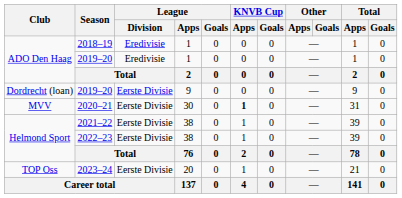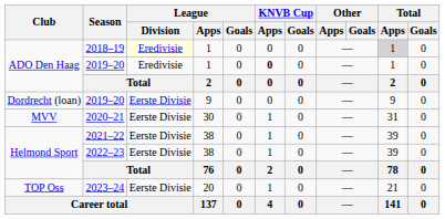 <table class="wikitable" style="text-align:center">
 <tr>
 <th rowspan="2">Club</th>
 <th rowspan="2">Season</th>
 <th colspan="3">League</th>
 <th colspan="2"><a href='#'>KNVB Cup</a></th>
 <th colspan="2">Other</th>
 <th colspan="2">Total</th>
 </tr>
 <tr>
 <th>Division</th>
 <th>Apps</th>
 <th>Goals</th>
 <th>Apps</th>
 <th>Goals</th>
 <th>Apps</th>
 <th>Goals</th>
 <th>Apps</th>
 <th>Goals</th>
 </tr>
 <tr>
 <td rowspan="3"><a href='#'>ADO Den Haag</a></td>
 <td><a href='#'>2018–19</a></td>
-<td><a href='#'>Eredivisie</a></td>
+<td style="background: lightyellow;"><a href='#'>Eredivisie</a></td>
 <td>1</td>
 <td>0</td>
 <td>0</td>
 <td>0</td>
 <td colspan="2">—</td>
-<td>1</td>
+<td style="background: lightgrey;">1</td>
 <td>0</td>
 </tr>
 <tr>
 <td><a href='#'>2019–20</a></td>
 <td>Eredivisie</td>
 <td>1</td>
 <td>0</td>
-<td>0</td>
+<td><strong>0</strong></td>
 <td>0</td>
 <td colspan="2">—</td>
 <td>1</td>
 <td>0</td>
 </tr>
 <tr>
 <th colspan="2">Total</th>
 <th>2</th>
 <th>0</th>
 <th>0</th>
 <th>0</th>
 <th colspan="2">—</th>
 <th>2</th>
 <th>0</th>
 </tr>
 <tr>
 <td><a href='#'>Dordrecht</a> (loan)</td>
 <td><a href='#'>2019–20</a></td>
 <td><a href='#'>Eerste Divisie</a></td>
 <td>9</td>
 <td>0</td>
 <td>0</td>
 <td>0</td>
 <td colspan="2">—</td>
 <td>9</td>
 <td>0</td>
 </tr>
 <tr>
 <td><a href='#'>MVV</a></td>
 <td><a href='#'>2020–21</a></td>
 <td>Eerste Divisie</td>
 <td>30</td>
 <td>0</td>
-<td><strong>1</strong></td>
+<td>1</td>
 <td>0</td>
 <td colspan="2">—</td>
 <td>31</td>
 <td>0</td>
 </tr>
 <tr>
 <td rowspan="3"><a href='#'>Helmond Sport</a></td>
 <td><a href='#'>2021–22</a></td>
 <td>Eerste Divisie</td>
 <td>38</td>
 <td>0</td>
 <td>1</td>
 <td>0</td>
 <td colspan="2">—</td>
 <td>39</td>
 <td>0</td>
 </tr>
 <tr>
 <td><a href='#'>2022–23</a></td>
 <td>Eerste Divisie</td>
 <td>38</td>
 <td>0</td>
 <td>1</td>
 <td>0</td>
 <td colspan="2">—</td>
 <td>39</td>
 <td>0</td>
 </tr>
 <tr>
 <th colspan="2">Total</th>
 <th>76</th>
 <th>0</th>
 <th>2</th>
 <th>0</th>
 <th colspan="2">—</th>
 <th>78</th>
 <th>0</th>
 </tr>
 <tr>
 <td rowspan="1"><a href='#'>TOP Oss</a></td>
 <td><a href='#'>2023–24</a></td>
 <td>Eerste Divisie</td>
 <td>20</td>
 <td>0</td>
 <td>1</td>
 <td>0</td>
 <td colspan="2">—</td>
 <td>21</td>
 <td>0</td>
 </tr>
 <tr>
 <th colspan="3">Career total</th>
 <th>137</th>
 <th>0</th>
 <th>4</th>
 <th>0</th>
 <th colspan="2">—</th>
 <th>141</th>
 <th>0</th>
 </tr>
 </table>
